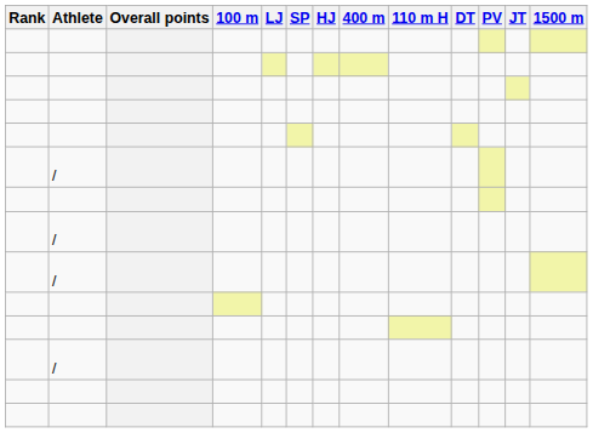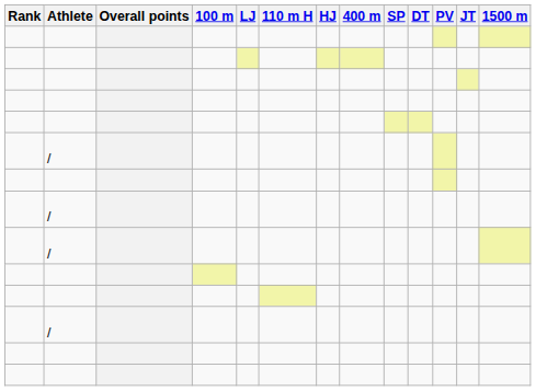 <table class="wikitable sortable" style="font-size:95%;">
 <tr>
 <th>Rank</th>
 <th>Athlete</th>
 <th>Overall points</th>
 <th><a href='#'>100 m</a></th>
 <th><a href='#'>LJ</a></th>
-<th><a href='#'>SP</a></th>
+<th><a href='#'>110 m H</a></th>
 <th><a href='#'>HJ</a></th>
 <th><a href='#'>400 m</a></th>
-<th><a href='#'>110 m H</a></th>
+<th><a href='#'>SP</a></th>
 <th><a href='#'>DT</a></th>
 <th><a href='#'>PV</a></th>
 <th><a href='#'>JT</a></th>
 <th><a href='#'>1500 m</a></th>
 </tr>
 <tr>
 <td align=center></td>
 <td align=left> <br></td>
 <th></th>
 <td></td>
 <td></td>
 <td></td>
 <td></td>
 <td></td>
 <td></td>
 <td></td>
 <td bgcolor=#F2F5A9></td>
 <td></td>
 <td bgcolor=#F2F5A9></td>
 </tr>
 <tr>
 <td align=center></td>
 <td align=left> <br></td>
 <th></th>
 <td></td>
 <td bgcolor=#F2F5A9></td>
 <td></td>
 <td bgcolor=#F2F5A9></td>
 <td bgcolor=#F2F5A9></td>
 <td></td>
 <td></td>
 <td></td>
 <td></td>
 <td></td>
 </tr>
 <tr>
 <td align=center></td>
 <td align=left> <br></td>
 <th></th>
 <td></td>
 <td></td>
 <td></td>
 <td></td>
 <td></td>
 <td></td>
 <td></td>
 <td></td>
 <td bgcolor=#F2F5A9></td>
 <td></td>
 </tr>
 <tr>
 <td align=center></td>
 <td align=left> <br></td>
 <th></th>
 <td></td>
 <td></td>
 <td></td>
 <td></td>
 <td></td>
 <td></td>
 <td></td>
 <td></td>
 <td></td>
 <td></td>
 </tr>
 <tr>
 <td align=center></td>
 <td align=left> <br></td>
 <th></th>
 <td></td>
 <td></td>
-<td bgcolor=#F2F5A9></td>
 <td></td>
 <td></td>
 <td></td>
+<td bgcolor=#F2F5A9></td>
 <td bgcolor=#F2F5A9></td>
 <td></td>
 <td></td>
 <td></td>
 </tr>
 <tr>
 <td align=center></td>
 <td align=left> <br>/</td>
 <th></th>
 <td></td>
 <td></td>
 <td></td>
 <td></td>
 <td></td>
 <td></td>
 <td></td>
 <td bgcolor=#F2F5A9></td>
 <td></td>
 <td></td>
 </tr>
 <tr>
 <td align=center></td>
 <td align=left> <br></td>
 <th></th>
 <td></td>
 <td></td>
 <td></td>
 <td></td>
 <td></td>
 <td></td>
 <td></td>
 <td bgcolor=#F2F5A9></td>
 <td></td>
 <td></td>
 </tr>
 <tr>
 <td align=center></td>
 <td align=left> <br>/</td>
 <th></th>
 <td></td>
 <td></td>
 <td></td>
 <td></td>
 <td></td>
 <td></td>
 <td></td>
 <td></td>
 <td></td>
 <td></td>
 </tr>
 <tr>
 <td align=center></td>
 <td align=left> <br>/</td>
 <th></th>
 <td></td>
 <td></td>
 <td></td>
 <td></td>
 <td></td>
 <td></td>
 <td></td>
 <td></td>
 <td></td>
 <td bgcolor=#F2F5A9></td>
 </tr>
 <tr>
 <td align=center></td>
 <td align=left> <br></td>
 <th></th>
 <td bgcolor=#F2F5A9></td>
 <td></td>
 <td></td>
 <td></td>
 <td></td>
 <td></td>
 <td></td>
 <td></td>
 <td></td>
 <td></td>
 </tr>
 <tr>
 <td align=center></td>
 <td align=left> <br></td>
 <th></th>
 <td></td>
 <td></td>
+<td bgcolor=#F2F5A9></td>
 <td></td>
 <td></td>
 <td></td>
-<td bgcolor=#F2F5A9></td>
 <td></td>
 <td></td>
 <td></td>
 <td></td>
 </tr>
 <tr>
 <td align=center></td>
 <td align=left> <br>/</td>
 <th></th>
 <td></td>
 <td></td>
 <td></td>
 <td></td>
 <td></td>
 <td></td>
 <td></td>
 <td></td>
 <td></td>
 <td></td>
 </tr>
 <tr>
 <td align=center></td>
 <td align=left> <br></td>
 <th></th>
 <td></td>
 <td></td>
 <td></td>
 <td></td>
 <td></td>
 <td></td>
 <td></td>
 <td></td>
 <td></td>
 <td></td>
 </tr>
 <tr>
 <td align=center></td>
 <td align=left> <br></td>
 <th></th>
 <td></td>
 <td></td>
 <td></td>
 <td></td>
 <td></td>
 <td></td>
 <td></td>
 <td></td>
 <td></td>
 <td></td>
 </tr>
 </table>
